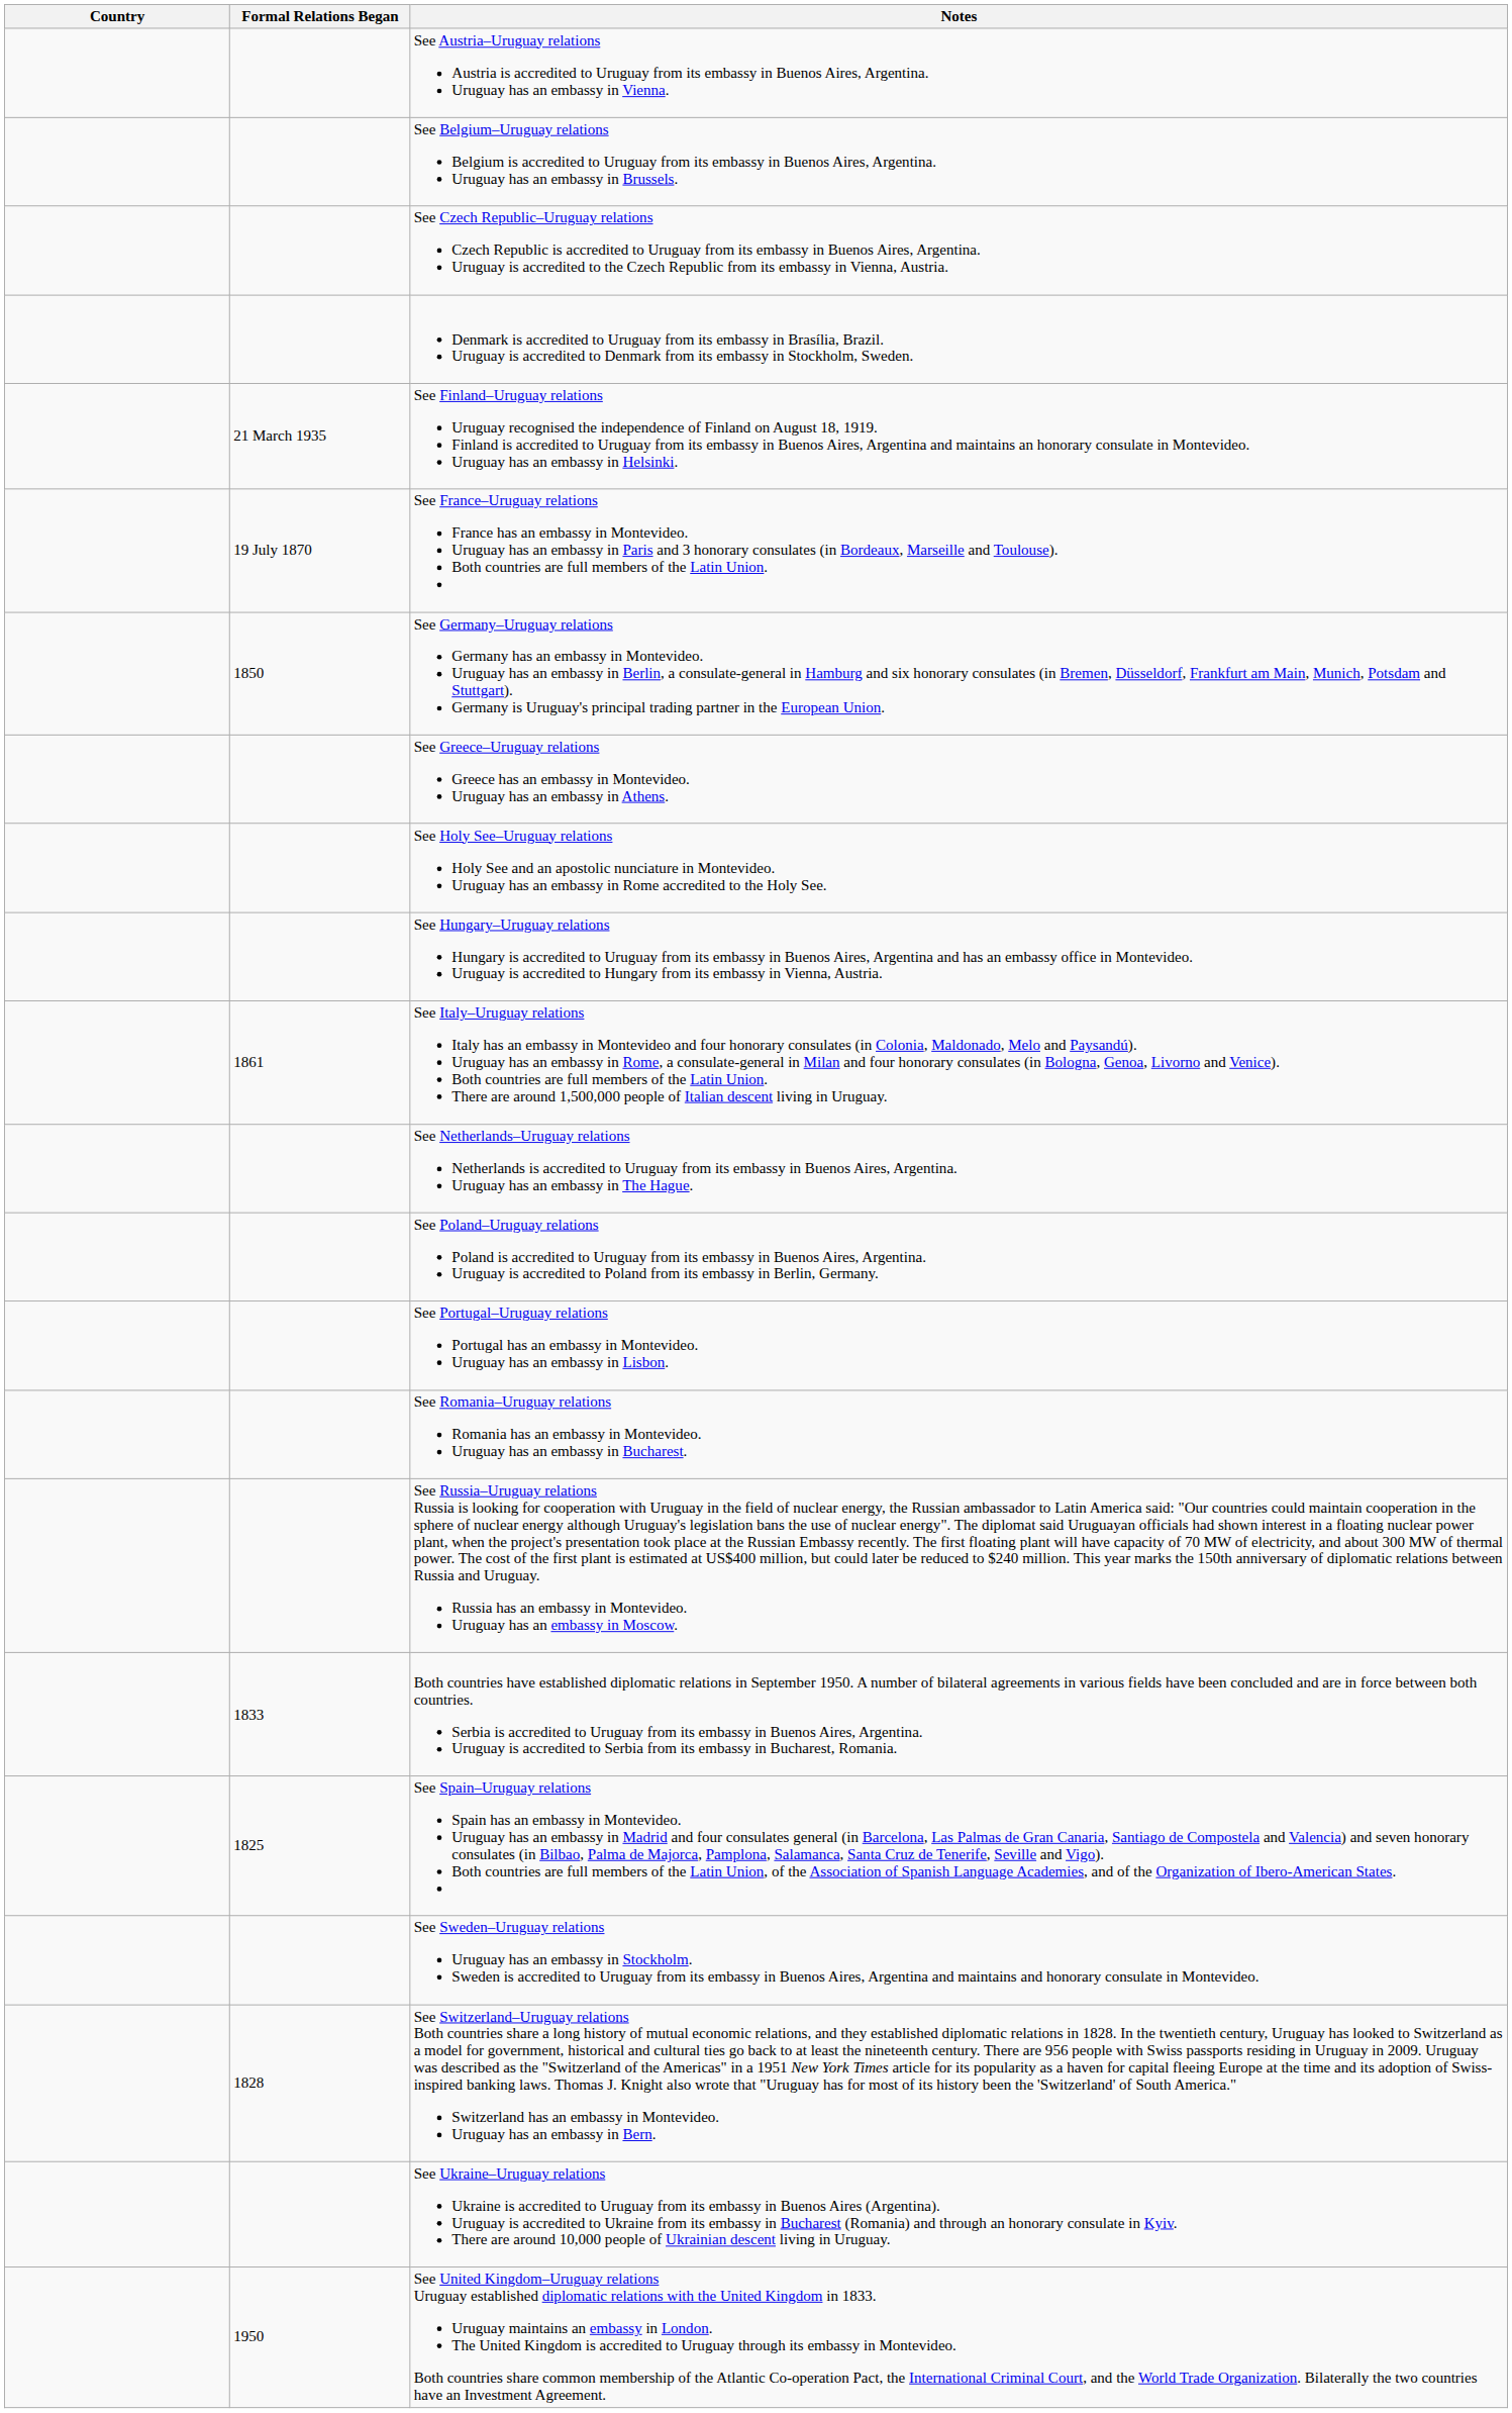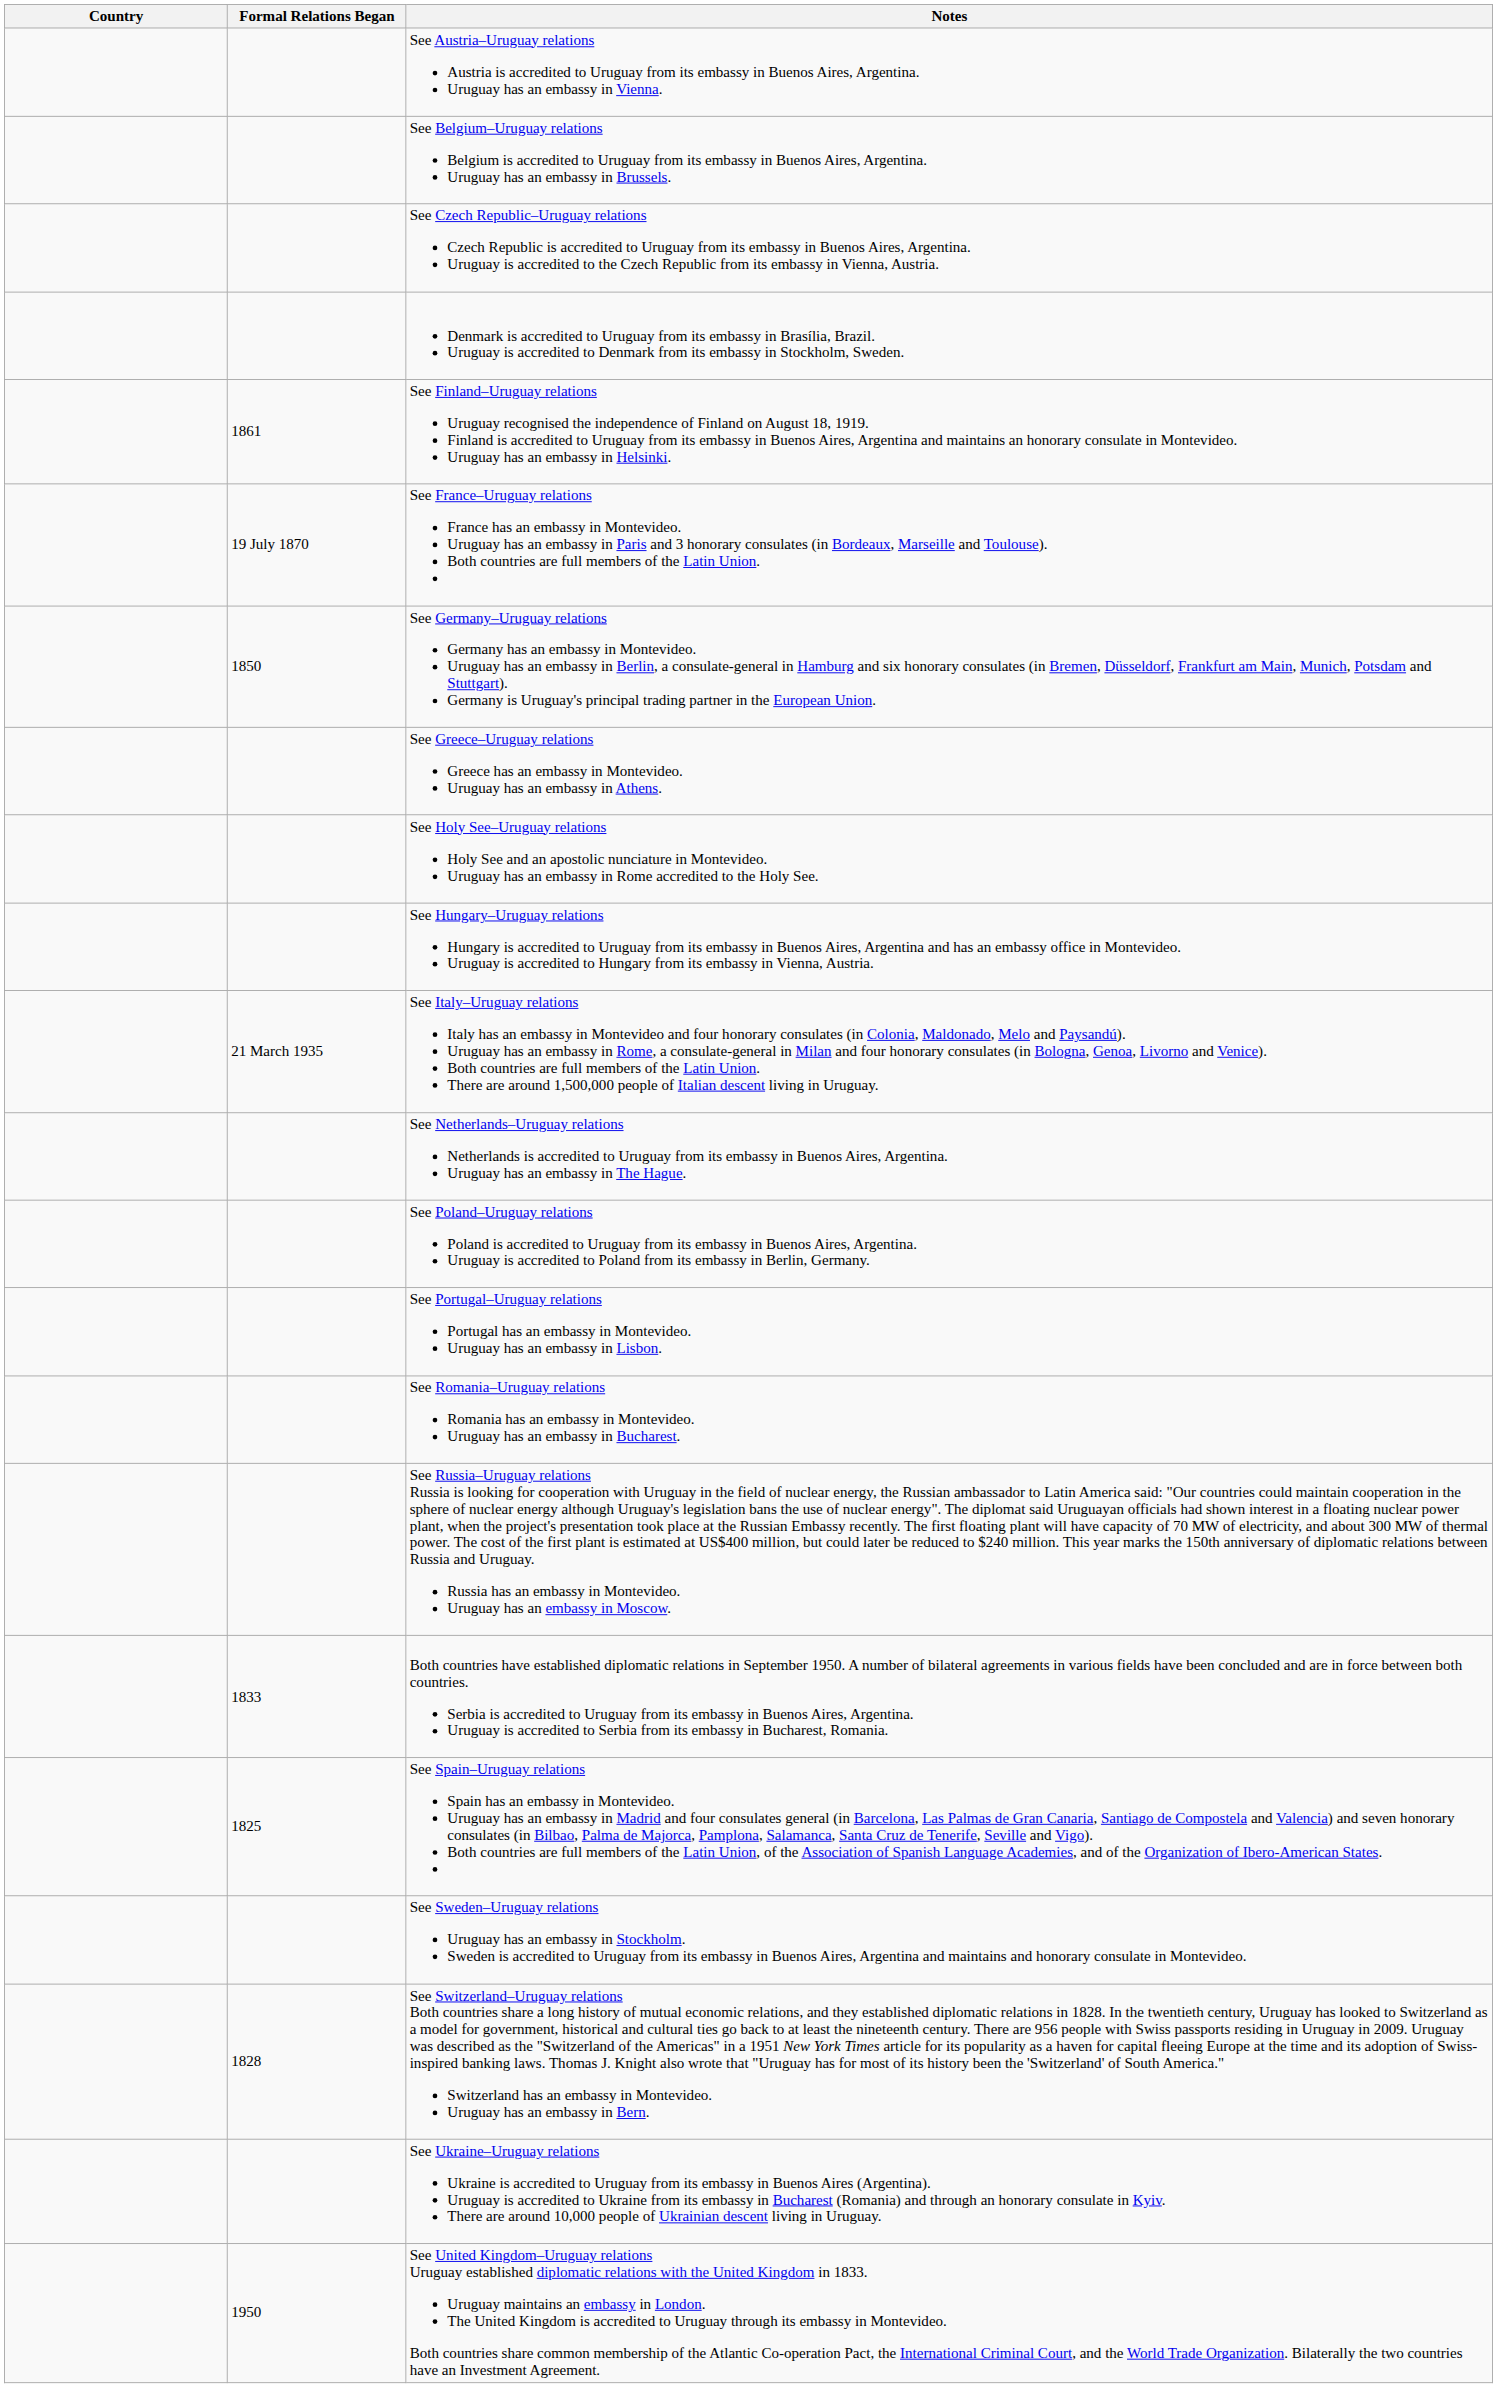 <table class="wikitable sortable" border="1" style="width:100%; margin:auto;">
 <tr>
 <th width="15%">Country</th>
 <th width="12%">Formal Relations Began</th>
 <th>Notes</th>
 </tr>
 <tr -valign="top">
 <td></td>
 <td></td>
 <td>See <a href='#'>Austria–Uruguay relations</a><br><ul><li>Austria is accredited to Uruguay from its embassy in Buenos Aires, Argentina.</li><li>Uruguay has an embassy in <a href='#'>Vienna</a>.</li></ul></td>
 </tr>
 <tr -valign="top">
 <td></td>
 <td></td>
 <td>See <a href='#'>Belgium–Uruguay relations</a><br><ul><li>Belgium is accredited to Uruguay from its embassy in Buenos Aires, Argentina.</li><li>Uruguay has an embassy in <a href='#'>Brussels</a>.</li></ul></td>
 </tr>
 <tr -valign="top">
 <td></td>
 <td></td>
 <td>See <a href='#'>Czech Republic–Uruguay relations</a><br><ul><li>Czech Republic is accredited to Uruguay from its embassy in Buenos Aires, Argentina.</li><li>Uruguay is accredited to the Czech Republic from its embassy in Vienna, Austria.</li></ul></td>
 </tr>
 <tr -valign="top">
 <td></td>
 <td></td>
 <td><br><ul><li>Denmark is accredited to Uruguay from its embassy in Brasília, Brazil.</li><li>Uruguay is accredited to Denmark from its embassy in Stockholm, Sweden.</li></ul></td>
 </tr>
 <tr -valign="top">
 <td></td>
-<td> 21 March 1935</td>
+<td>1861</td>
 <td>See <a href='#'>Finland–Uruguay relations</a><br><ul><li>Uruguay recognised the independence of Finland on August 18, 1919.</li><li>Finland is accredited to Uruguay from its embassy in Buenos Aires, Argentina and maintains an honorary consulate in Montevideo.</li><li>Uruguay has an embassy in <a href='#'>Helsinki</a>.</li></ul></td>
 </tr>
 <tr -valign="top">
 <td></td>
 <td>19 July 1870</td>
 <td>See <a href='#'>France–Uruguay relations</a><br><ul><li>France has an embassy in Montevideo.</li><li>Uruguay has an embassy in <a href='#'>Paris</a> and 3 honorary consulates (in <a href='#'>Bordeaux</a>, <a href='#'>Marseille</a> and <a href='#'>Toulouse</a>).</li><li>Both countries are full members of the <a href='#'>Latin Union</a>.</li><li> </li></ul></td>
 </tr>
 <tr -valign="top">
 <td></td>
 <td>1850</td>
 <td>See <a href='#'>Germany–Uruguay relations</a><br><ul><li>Germany has an embassy in Montevideo.</li><li>Uruguay has an embassy in <a href='#'>Berlin</a>, a consulate-general in <a href='#'>Hamburg</a> and six honorary consulates (in <a href='#'>Bremen</a>, <a href='#'>Düsseldorf</a>, <a href='#'>Frankfurt am Main</a>, <a href='#'>Munich</a>, <a href='#'>Potsdam</a> and <a href='#'>Stuttgart</a>).</li><li>Germany is Uruguay's principal trading partner in the <a href='#'>European Union</a>.</li></ul></td>
 </tr>
 <tr -valign="top">
 <td></td>
 <td></td>
 <td>See <a href='#'>Greece–Uruguay relations</a><br><ul><li>Greece has an embassy in Montevideo.</li><li>Uruguay has an embassy in <a href='#'>Athens</a>.</li></ul></td>
 </tr>
 <tr -valign="top">
 <td></td>
 <td></td>
 <td>See <a href='#'>Holy See–Uruguay relations</a><br><ul><li>Holy See and an apostolic nunciature in Montevideo.</li><li>Uruguay has an embassy in Rome accredited to the Holy See.</li></ul></td>
 </tr>
 <tr -valign="top">
 <td></td>
 <td></td>
 <td>See <a href='#'>Hungary–Uruguay relations</a><br><ul><li>Hungary is accredited to Uruguay from its embassy in Buenos Aires, Argentina and has an embassy office in Montevideo.</li><li>Uruguay is accredited to Hungary from its embassy in Vienna, Austria.</li></ul></td>
 </tr>
 <tr -valign="top">
 <td></td>
-<td>1861</td>
+<td> 21 March 1935</td>
 <td>See <a href='#'>Italy–Uruguay relations</a><br><ul><li>Italy has an embassy in Montevideo and four honorary consulates (in <a href='#'>Colonia</a>, <a href='#'>Maldonado</a>, <a href='#'>Melo</a> and <a href='#'>Paysandú</a>).</li><li>Uruguay has an embassy in <a href='#'>Rome</a>, a consulate-general in <a href='#'>Milan</a> and four honorary consulates (in <a href='#'>Bologna</a>, <a href='#'>Genoa</a>, <a href='#'>Livorno</a> and <a href='#'>Venice</a>).</li><li>Both countries are full members of the <a href='#'>Latin Union</a>.</li><li>There are around 1,500,000 people of <a href='#'>Italian descent</a> living in Uruguay.</li></ul></td>
 </tr>
 <tr -valign="top">
 <td></td>
 <td></td>
 <td>See <a href='#'>Netherlands–Uruguay relations</a><br><ul><li>Netherlands is accredited to Uruguay from its embassy in Buenos Aires, Argentina.</li><li>Uruguay has an embassy in <a href='#'>The Hague</a>.</li></ul></td>
 </tr>
 <tr -valign="top">
 <td></td>
 <td></td>
 <td>See <a href='#'>Poland–Uruguay relations</a><br><ul><li>Poland is accredited to Uruguay from its embassy in Buenos Aires, Argentina.</li><li>Uruguay is accredited to Poland from its embassy in Berlin, Germany.</li></ul></td>
 </tr>
 <tr -valign="top">
 <td></td>
 <td></td>
 <td>See <a href='#'>Portugal–Uruguay relations</a><br><ul><li>Portugal has an embassy in Montevideo.</li><li>Uruguay has an embassy in <a href='#'>Lisbon</a>.</li></ul></td>
 </tr>
 <tr -valign="top">
 <td></td>
 <td></td>
 <td>See <a href='#'>Romania–Uruguay relations</a><br><ul><li>Romania has an embassy in Montevideo.</li><li>Uruguay has an embassy in <a href='#'>Bucharest</a>.</li></ul></td>
 </tr>
 <tr -valign="top">
 <td></td>
 <td></td>
 <td>See <a href='#'>Russia–Uruguay relations</a><br>Russia is looking for cooperation with Uruguay in the field of nuclear energy, the Russian ambassador to Latin America said: "Our countries could maintain cooperation in the sphere of nuclear energy although Uruguay's legislation bans the use of nuclear energy". The diplomat said Uruguayan officials had shown interest in a floating nuclear power plant, when the project's presentation took place at the Russian Embassy recently. The first floating plant will have capacity of 70 MW of electricity, and about 300 MW of thermal power. The cost of the first plant is estimated at US$400 million, but could later be reduced to $240 million. This year marks the 150th anniversary of diplomatic relations between Russia and Uruguay.<ul><li>Russia has an embassy in Montevideo.</li><li>Uruguay has an <a href='#'>embassy in Moscow</a>.</li></ul></td>
 </tr>
 <tr -valign="top">
 <td></td>
 <td>1833</td>
 <td><br>Both countries have established diplomatic relations in September 1950. A number of bilateral agreements in various fields have been concluded and are in force between both countries.<ul><li>Serbia is accredited to Uruguay from its embassy in Buenos Aires, Argentina.</li><li>Uruguay is accredited to Serbia from its embassy in Bucharest, Romania.</li></ul></td>
 </tr>
 <tr -valign="top">
 <td></td>
 <td>1825</td>
 <td>See <a href='#'>Spain–Uruguay relations</a><br><ul><li>Spain has an embassy in Montevideo.</li><li>Uruguay has an embassy in <a href='#'>Madrid</a> and four consulates general (in <a href='#'>Barcelona</a>, <a href='#'>Las Palmas de Gran Canaria</a>, <a href='#'>Santiago de Compostela</a> and <a href='#'>Valencia</a>) and seven honorary consulates (in <a href='#'>Bilbao</a>, <a href='#'>Palma de Majorca</a>, <a href='#'>Pamplona</a>, <a href='#'>Salamanca</a>, <a href='#'>Santa Cruz de Tenerife</a>, <a href='#'>Seville</a> and <a href='#'>Vigo</a>).</li><li>Both countries are full members of the <a href='#'>Latin Union</a>, of the <a href='#'>Association of Spanish Language Academies</a>, and of the <a href='#'>Organization of Ibero-American States</a>.</li><li></li></ul></td>
 </tr>
 <tr -valign="top">
 <td></td>
 <td></td>
 <td>See <a href='#'>Sweden–Uruguay relations</a><br><ul><li>Uruguay has an embassy in <a href='#'>Stockholm</a>.</li><li>Sweden is accredited to Uruguay from its embassy in Buenos Aires, Argentina and maintains and honorary consulate in Montevideo.</li></ul></td>
 </tr>
 <tr -valign="top">
 <td></td>
 <td>1828</td>
 <td>See <a href='#'>Switzerland–Uruguay relations</a><br>Both countries share a long history of mutual economic relations, and they established diplomatic relations in 1828. In the twentieth century, Uruguay has looked to Switzerland as a model for government, historical and cultural ties go back to at least the nineteenth century. There are 956 people with Swiss passports residing in Uruguay in 2009. Uruguay was described as the "Switzerland of the Americas" in a 1951 <em>New York Times</em> article for its popularity as a haven for capital fleeing Europe at the time and its adoption of Swiss-inspired banking laws. Thomas J. Knight also wrote that "Uruguay has for most of its history been the 'Switzerland' of South America."<ul><li>Switzerland has an embassy in Montevideo.</li><li>Uruguay has an embassy in <a href='#'>Bern</a>.</li></ul></td>
 </tr>
 <tr -valign="top">
 <td></td>
 <td></td>
 <td>See <a href='#'>Ukraine–Uruguay relations</a><br><ul><li>Ukraine is accredited to Uruguay from its embassy in Buenos Aires (Argentina).</li><li>Uruguay is accredited to Ukraine from its embassy in <a href='#'>Bucharest</a> (Romania) and through an honorary consulate in <a href='#'>Kyiv</a>.</li><li>There are around 10,000 people of <a href='#'>Ukrainian descent</a> living in Uruguay.</li></ul></td>
 </tr>
 <tr -valign="top">
 <td></td>
 <td>1950</td>
 <td>See <a href='#'>United Kingdom–Uruguay relations</a><br>Uruguay established <a href='#'>diplomatic relations with the United Kingdom</a> in 1833.<ul><li>Uruguay maintains an <a href='#'>embassy</a> in <a href='#'>London</a>.</li><li>The United Kingdom is accredited to Uruguay through its embassy in Montevideo.</li></ul>Both countries share common membership of the Atlantic Co-operation Pact, the <a href='#'>International Criminal Court</a>, and the <a href='#'>World Trade Organization</a>. Bilaterally the two countries have an Investment Agreement.</td>
 </tr>
 </table>
